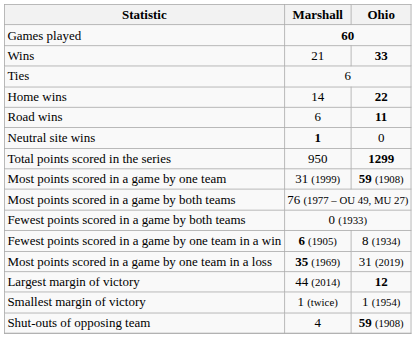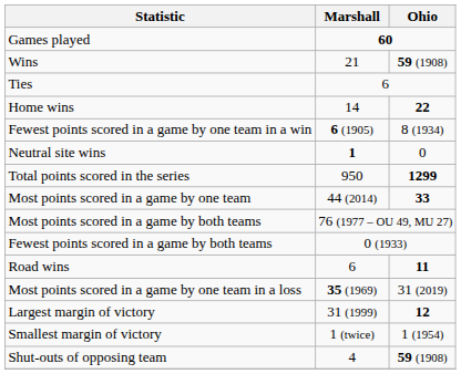 <table class="wikitable" style="text-align:center">
 <tr>
 <th>Statistic</th>
 <th>Marshall</th>
 <th>Ohio</th>
 </tr>
 <tr>
 <td style="text-align:left;">Games played</td>
 <td colspan=2><strong>60</strong></td>
 </tr>
 <tr>
 <td style="text-align:left;">Wins</td>
 <td>21</td>
-<td><strong>33</strong></td>
+<td><strong>59</strong> <small>(1908)</small></td>
 </tr>
 <tr>
 <td style="text-align:left;">Ties</td>
 <td colspan=2>6</td>
 </tr>
 <tr>
 <td style="text-align:left;">Home wins</td>
 <td>14</td>
 <td><strong>22</strong></td>
 </tr>
 <tr>
-<td style="text-align:left;">Road wins</td>
-<td>6</td>
-<td><strong>11</strong></td>
+<td style="text-align:left;">Fewest points scored in a game by one team in a win</td>
+<td><strong>6</strong> <small>(1905)</small></td>
+<td>8 <small>(1934)</small></td>
 </tr>
 <tr>
 <td style="text-align:left;">Neutral site wins</td>
 <td><strong>1</strong></td>
 <td>0</td>
 </tr>
 <tr>
 <td style="text-align:left;">Total points scored in the series</td>
 <td>950</td>
 <td><strong>1299</strong></td>
 </tr>
 <tr>
 <td style="text-align:left;">Most points scored in a game by one team</td>
-<td>31 <small>(1999)</small></td>
-<td><strong>59</strong> <small>(1908)</small></td>
+<td>44 <small>(2014)</small></td>
+<td><strong>33</strong></td>
 </tr>
 <tr>
 <td style="text-align:left;">Most points scored in a game by both teams</td>
 <td colspan=2>76 <small>(1977 – OU 49, MU 27)</small></td>
 </tr>
 <tr>
 <td style="text-align:left;">Fewest points scored in a game by both teams</td>
 <td colspan=2>0 <small>(1933)</small></td>
 </tr>
 <tr>
-<td style="text-align:left;">Fewest points scored in a game by one team in a win</td>
-<td><strong>6</strong> <small>(1905)</small></td>
-<td>8 <small>(1934)</small></td>
+<td style="text-align:left;">Road wins</td>
+<td>6</td>
+<td><strong>11</strong></td>
 </tr>
 <tr>
 <td style="text-align:left;">Most points scored in a game by one team in a loss</td>
 <td><strong>35</strong> <small>(1969)</small></td>
 <td>31 <small>(2019)</small></td>
 </tr>
 <tr>
 <td style="text-align:left;">Largest margin of victory</td>
-<td>44 <small>(2014)</small></td>
+<td>31 <small>(1999)</small></td>
 <td><strong>12</strong></td>
 </tr>
 <tr>
 <td style="text-align:left;">Smallest margin of victory</td>
 <td>1 <small>(twice)</small></td>
 <td>1 <small>(1954)</small></td>
 </tr>
 <tr>
 <td style="text-align:left;">Shut-outs of opposing team</td>
 <td>4</td>
 <td><strong>59</strong> <small>(1908)</small></td>
 </tr>
 <tr>
 </tr>
 </table>
